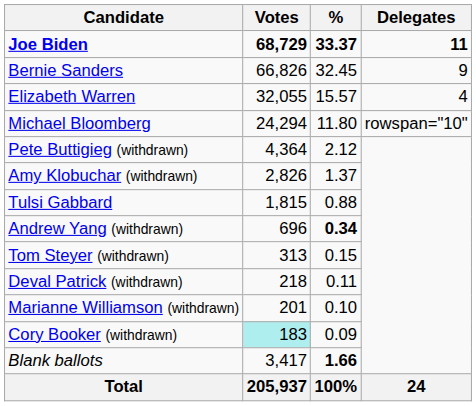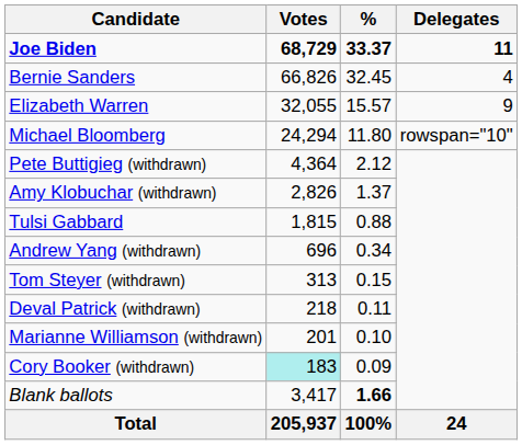 <table class="wikitable sortable" style="text-align:right;">
 <tr>
 <th>Candidate</th>
 <th>Votes</th>
 <th>%</th>
 <th>Delegates</th>
 </tr>
 <tr>
 <td style="text-align:left;" data-sort-value="Biden, Joe"><strong><a href='#'>Joe Biden</a></strong></td>
 <td><strong>68,729</strong></td>
 <td><strong>33.37</strong></td>
 <td><strong>11</strong></td>
 </tr>
 <tr>
 <td style="text-align:left;" data-sort-value="Sanders, Bernie"><a href='#'>Bernie Sanders</a></td>
 <td>66,826</td>
 <td>32.45</td>
-<td>9</td>
+<td>4</td>
 </tr>
 <tr>
 <td style="text-align:left;" data-sort-value="Warren, Elizabeth"><a href='#'>Elizabeth Warren</a></td>
 <td>32,055</td>
 <td>15.57</td>
-<td>4</td>
+<td>9</td>
 </tr>
 <tr>
 <td style="text-align:left;" data-sort-value="Bloomberg, Michael"><a href='#'>Michael Bloomberg</a></td>
 <td>24,294</td>
 <td>11.80</td>
 <td>rowspan="10" </td>
 </tr>
 <tr>
 <td style="text-align:left;" data-sort-value="Buttigieg, Pete"><a href='#'>Pete Buttigieg</a> <small>(withdrawn)</small></td>
 <td>4,364</td>
 <td>2.12</td>
 </tr>
 <tr>
 <td style="text-align:left;" data-sort-value="Klobuchar, Amy"><a href='#'>Amy Klobuchar</a> <small>(withdrawn)</small></td>
 <td>2,826</td>
 <td>1.37</td>
 </tr>
 <tr>
 <td style="text-align:left;" data-sort-value="Gabbard, Tulsi"><a href='#'>Tulsi Gabbard</a></td>
 <td>1,815</td>
 <td>0.88</td>
 </tr>
 <tr>
 <td style="text-align:left;" data-sort-value="Yang, Andrew"><a href='#'>Andrew Yang</a> <small>(withdrawn)</small></td>
 <td>696</td>
-<td><strong>0.34</strong></td>
+<td>0.34</td>
 </tr>
 <tr>
 <td style="text-align:left;" data-sort-value="Steyer, Tom"><a href='#'>Tom Steyer</a> <small>(withdrawn)</small></td>
 <td>313</td>
 <td>0.15</td>
 </tr>
 <tr>
 <td style="text-align:left;" data-sort-value="Patrick, Deval"><a href='#'>Deval Patrick</a> <small>(withdrawn)</small></td>
 <td>218</td>
 <td>0.11</td>
 </tr>
 <tr>
 <td style="text-align:left;" data-sort-value="Williamson, Marianne"><a href='#'>Marianne Williamson</a> <small>(withdrawn)</small></td>
 <td>201</td>
 <td>0.10</td>
 </tr>
 <tr>
 <td style="text-align:left;" data-sort-value="Booker, Cory"><a href='#'>Cory Booker</a> <small>(withdrawn)</small></td>
 <td style="background: paleturquoise;">183</td>
 <td>0.09</td>
 </tr>
 <tr>
 <td style="text-align:left;" data-sort-value="ZZ"><em>Blank ballots</em></td>
 <td>3,417</td>
 <td><strong>1.66</strong></td>
 </tr>
 <tr>
 <th>Total</th>
 <th>205,937</th>
 <th>100%</th>
 <th>24</th>
 </tr>
 </table>
